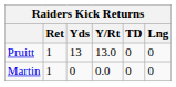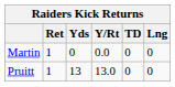 <table class="wikitable">
 <tr>
 <th colspan="6">Raiders Kick Returns</th>
 </tr>
 <tr>
 <th></th>
 <th>Ret</th>
 <th>Yds</th>
 <th>Y/Rt</th>
 <th>TD</th>
 <th>Lng</th>
 </tr>
 <tr>
+<td><a href='#'>Martin</a></td>
+<td>1</td>
+<td>0</td>
+<td>0.0</td>
+<td>0</td>
+<td>0</td>
+</tr>
+<tr>
 <td><a href='#'>Pruitt</a></td>
 <td>1</td>
 <td>13</td>
 <td>13.0</td>
 <td>0</td>
 <td>0</td>
 </tr>
-<tr>
-<td><a href='#'>Martin</a></td>
-<td>1</td>
-<td>0</td>
-<td>0.0</td>
-<td>0</td>
-<td>0</td>
-</tr>
 </table>
